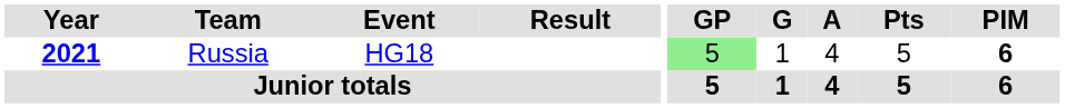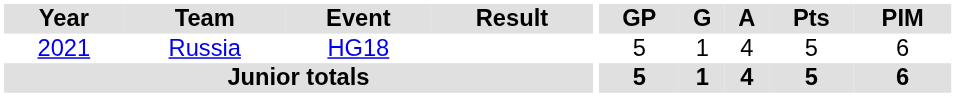 <table border="0" cellpadding="1" cellspacing="0" ID="Table3" style="text-align:center; width:40em;">
 <tr bgcolor="#e0e0e0">
 <th>Year</th>
 <th>Team</th>
 <th>Event</th>
 <th>Result</th>
 <th rowspan="104" bgcolor="#ffffff"></th>
 <th>GP</th>
 <th>G</th>
 <th>A</th>
 <th>Pts</th>
 <th>PIM</th>
 </tr>
 <tr>
-<td><strong><a href='#'>2021</a></strong></td>
+<td><a href='#'>2021</a></td>
 <td><a href='#'>Russia</a></td>
 <td><a href='#'>HG18</a></td>
 <td></td>
-<td style="background: lightgreen;">5</td>
+<td>5</td>
 <td>1</td>
 <td>4</td>
 <td>5</td>
-<td><strong>6</strong></td>
+<td>6</td>
 </tr>
 <tr bgcolor="#e0e0e0">
 <th colspan=4>Junior totals</th>
 <th>5</th>
 <th>1</th>
 <th>4</th>
 <th>5</th>
 <th>6<br></th>
 </tr>
 </table>
